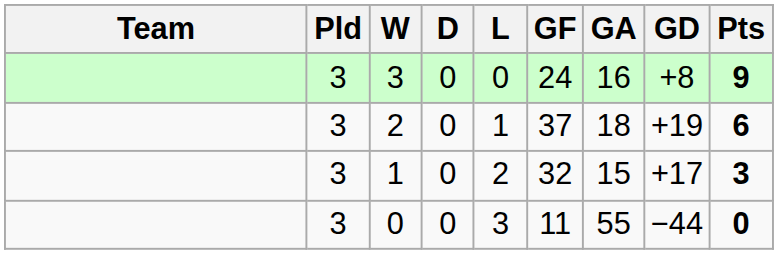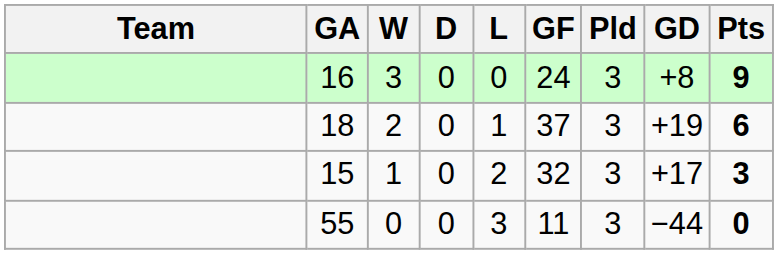 <table class="wikitable" style="text-align:center;">
 <tr>
 <th width=150>Team</th>
-<th width=20>Pld</th>
+<th width=20>GA</th>
 <th width=20>W</th>
 <th width=20>D</th>
 <th width=20>L</th>
 <th width=20>GF</th>
-<th width=20>GA</th>
+<th width=20>Pld</th>
 <th width=20>GD</th>
 <th width=20>Pts</th>
 </tr>
 <tr bgcolor=ccffcc>
 <td align="left"></td>
-<td>3</td>
+<td>16</td>
 <td>3</td>
 <td>0</td>
 <td>0</td>
 <td>24</td>
-<td>16</td>
+<td>3</td>
 <td>+8</td>
 <td><strong>9</strong></td>
 </tr>
 <tr>
 <td align="left"></td>
-<td>3</td>
+<td>18</td>
 <td>2</td>
 <td>0</td>
 <td>1</td>
 <td>37</td>
-<td>18</td>
+<td>3</td>
 <td>+19</td>
 <td><strong>6</strong></td>
 </tr>
 <tr>
 <td align="left"></td>
-<td>3</td>
+<td>15</td>
 <td>1</td>
 <td>0</td>
 <td>2</td>
 <td>32</td>
-<td>15</td>
+<td>3</td>
 <td>+17</td>
 <td><strong>3</strong></td>
 </tr>
 <tr>
 <td align="left"></td>
-<td>3</td>
+<td>55</td>
 <td>0</td>
 <td>0</td>
 <td>3</td>
 <td>11</td>
-<td>55</td>
+<td>3</td>
 <td>−44</td>
 <td><strong>0</strong></td>
 </tr>
 </table>
